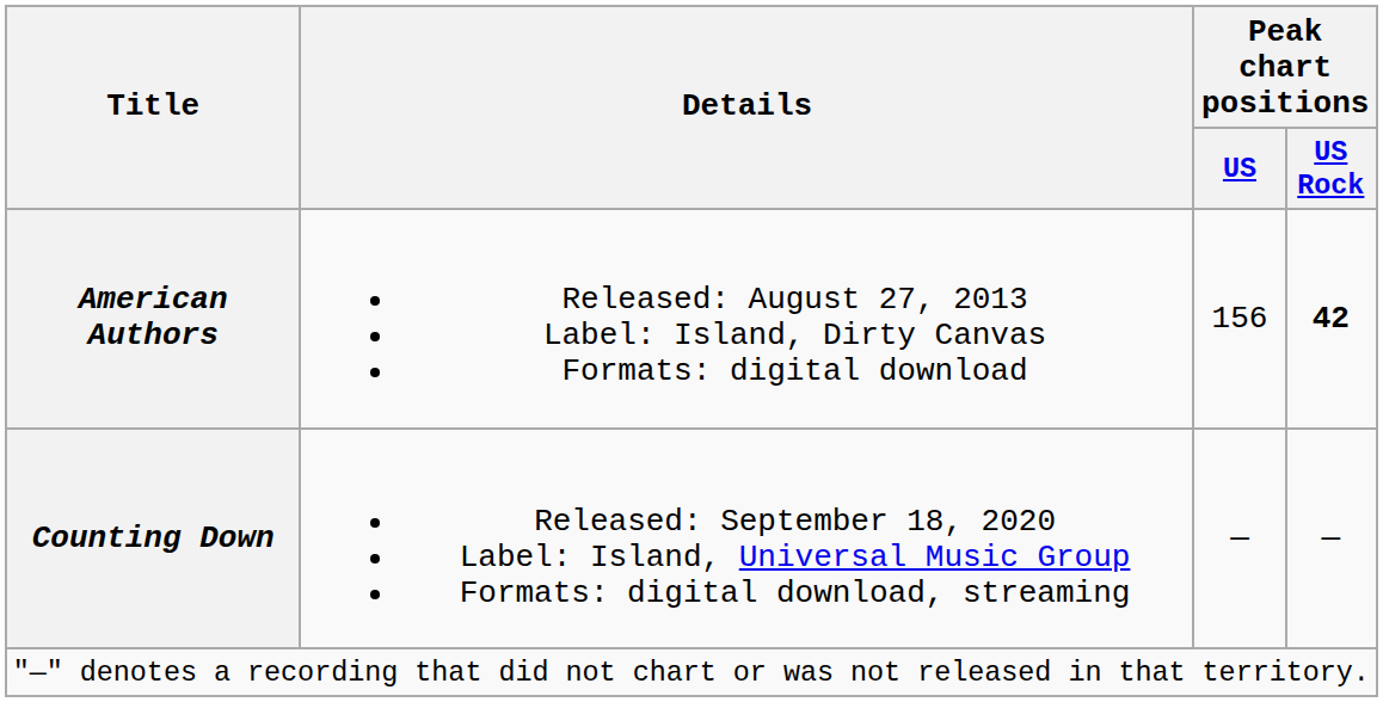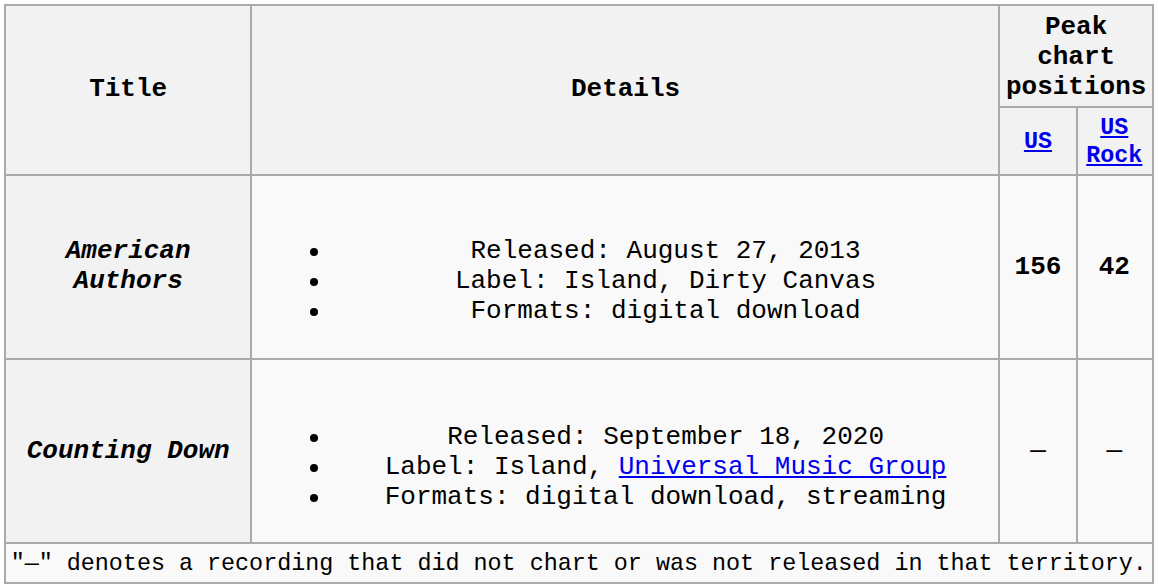 <table class="wikitable plainrowheaders" style="text-align:center;">
 <tr>
 <th scope="col" rowspan="2" style="width:9em;">Title</th>
 <th scope="col" rowspan="2">Details</th>
 <th scope="col" colspan="2">Peak chart positions</th>
 </tr>
 <tr>
 <th scope="col" style="width:2.5em;font-size:90%;"><a href='#'>US</a><br></th>
 <th scope="col" style="width:2.5em;font-size:90%;"><a href='#'>US<br>Rock</a><br></th>
 </tr>
 <tr>
 <th scope="row"><em>American Authors</em></th>
 <td><br><ul><li>Released: August 27, 2013</li><li>Label: Island, Dirty Canvas</li><li>Formats: digital download</li></ul></td>
-<td>156</td>
+<td><strong>156</strong></td>
 <td><strong>42</strong></td>
 </tr>
 <tr>
 <th scope="row"><em>Counting Down</em></th>
 <td><br><ul><li>Released: September 18, 2020</li><li>Label: Island, <a href='#'>Universal Music Group</a></li><li>Formats: digital download, streaming</li></ul></td>
 <td>—</td>
 <td>—</td>
 </tr>
 <tr>
 <td colspan="14" style="font-size:90%">"—" denotes a recording that did not chart or was not released in that territory.</td>
 </tr>
 </table>
